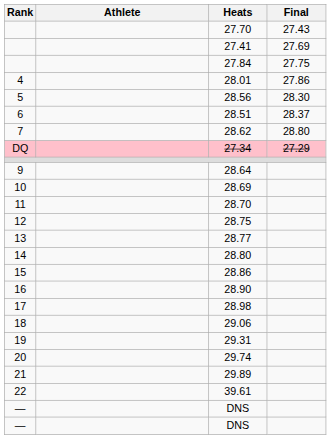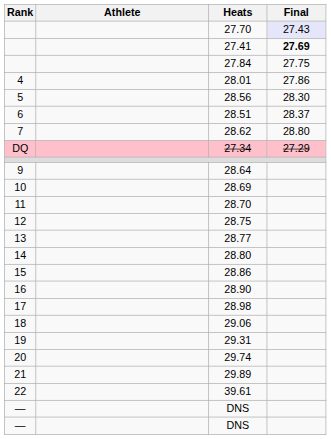 <table class=wikitable style="text-align:center">
 <tr>
 <th width=40>Rank</th>
 <th width=250>Athlete</th>
 <th width=80>Heats</th>
 <th width=80>Final</th>
 </tr>
 <tr>
 <td></td>
 <td align=left></td>
 <td>27.70</td>
-<td>27.43</td>
+<td style="background: lavender;">27.43</td>
 </tr>
 <tr>
 <td></td>
 <td align=left></td>
 <td>27.41</td>
-<td>27.69</td>
+<td><strong>27.69</strong></td>
 </tr>
 <tr>
 <td></td>
 <td align=left></td>
 <td>27.84</td>
 <td>27.75</td>
 </tr>
 <tr>
 <td>4</td>
 <td align=left></td>
 <td>28.01</td>
 <td>27.86</td>
 </tr>
 <tr>
 <td>5</td>
 <td align=left></td>
 <td>28.56</td>
 <td>28.30</td>
 </tr>
 <tr>
 <td>6</td>
 <td align=left></td>
 <td>28.51</td>
 <td>28.37</td>
 </tr>
 <tr>
 <td>7</td>
 <td align=left></td>
 <td>28.62</td>
 <td>28.80</td>
 </tr>
 <tr bgcolor=pink>
 <td>DQ</td>
 <td align=left></td>
 <td><s>27.34</s></td>
 <td><s>27.29</s></td>
 </tr>
 <tr bgcolor=#DDDDDD>
 <td colspan=4></td>
 </tr>
 <tr>
 <td>9</td>
 <td align=left></td>
 <td>28.64</td>
 <td></td>
 </tr>
 <tr>
 <td>10</td>
 <td align=left></td>
 <td>28.69</td>
 <td></td>
 </tr>
 <tr>
 <td>11</td>
 <td align=left></td>
 <td>28.70</td>
 <td></td>
 </tr>
 <tr>
 <td>12</td>
 <td align=left></td>
 <td>28.75</td>
 <td></td>
 </tr>
 <tr>
 <td>13</td>
 <td align=left></td>
 <td>28.77</td>
 <td></td>
 </tr>
 <tr>
 <td>14</td>
 <td align=left></td>
 <td>28.80</td>
 <td></td>
 </tr>
 <tr>
 <td>15</td>
 <td align=left></td>
 <td>28.86</td>
 <td></td>
 </tr>
 <tr>
 <td>16</td>
 <td align=left></td>
 <td>28.90</td>
 <td></td>
 </tr>
 <tr>
 <td>17</td>
 <td align=left></td>
 <td>28.98</td>
 <td></td>
 </tr>
 <tr>
 <td>18</td>
 <td align=left></td>
 <td>29.06</td>
 <td></td>
 </tr>
 <tr>
 <td>19</td>
 <td align=left></td>
 <td>29.31</td>
 <td></td>
 </tr>
 <tr>
 <td>20</td>
 <td align=left></td>
 <td>29.74</td>
 <td></td>
 </tr>
 <tr>
 <td>21</td>
 <td align=left></td>
 <td>29.89</td>
 <td></td>
 </tr>
 <tr>
 <td>22</td>
 <td align=left></td>
 <td>39.61</td>
 <td></td>
 </tr>
 <tr>
 <td>—</td>
 <td align=left></td>
 <td>DNS</td>
 <td></td>
 </tr>
 <tr>
 <td>—</td>
 <td align=left></td>
 <td>DNS</td>
 <td></td>
 </tr>
 </table>
